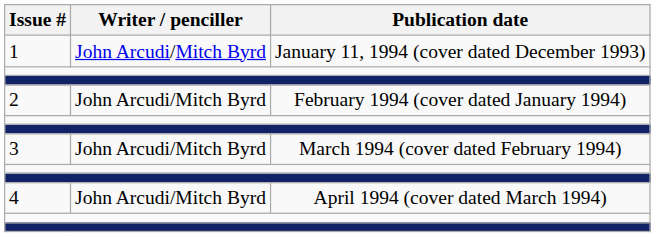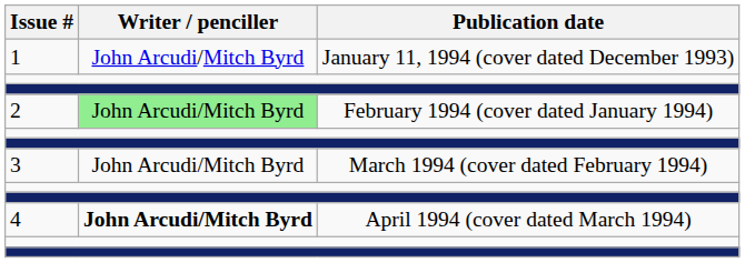 <table class="wikitable">
 <tr>
 <th>Issue #</th>
 <th>Writer / penciller</th>
 <th>Publication date</th>
 </tr>
 <tr>
 <td>1</td>
 <td align="center"><a href='#'>John Arcudi</a>/<a href='#'>Mitch Byrd</a></td>
 <td align="center">January 11, 1994 (cover dated December 1993)</td>
 </tr>
 <tr>
 <td colspan="6"></td>
 </tr>
 <tr>
 <td colspan="6" bgcolor="#112266"></td>
 </tr>
 <tr>
 <td>2</td>
-<td align="center">John Arcudi/Mitch Byrd</td>
+<td align="center" style="background: lightgreen;">John Arcudi/Mitch Byrd</td>
 <td align="center">February 1994 (cover dated January 1994)</td>
 </tr>
 <tr>
 <td colspan="6"></td>
 </tr>
 <tr>
 <td colspan="6" bgcolor="#112266"></td>
 </tr>
 <tr>
 <td>3</td>
 <td align="center">John Arcudi/Mitch Byrd</td>
 <td align="center">March 1994 (cover dated February 1994)</td>
 </tr>
 <tr>
 <td colspan="6"></td>
 </tr>
 <tr>
 <td colspan="6" bgcolor="#112266"></td>
 </tr>
 <tr>
 <td>4</td>
-<td align="center">John Arcudi/Mitch Byrd</td>
+<td align="center"><strong>John Arcudi/Mitch Byrd</strong></td>
 <td align="center">April 1994 (cover dated March 1994)</td>
 </tr>
 <tr>
 <td colspan="6"></td>
 </tr>
 <tr>
 <td colspan="6" bgcolor="#112266"></td>
 </tr>
 </table>
